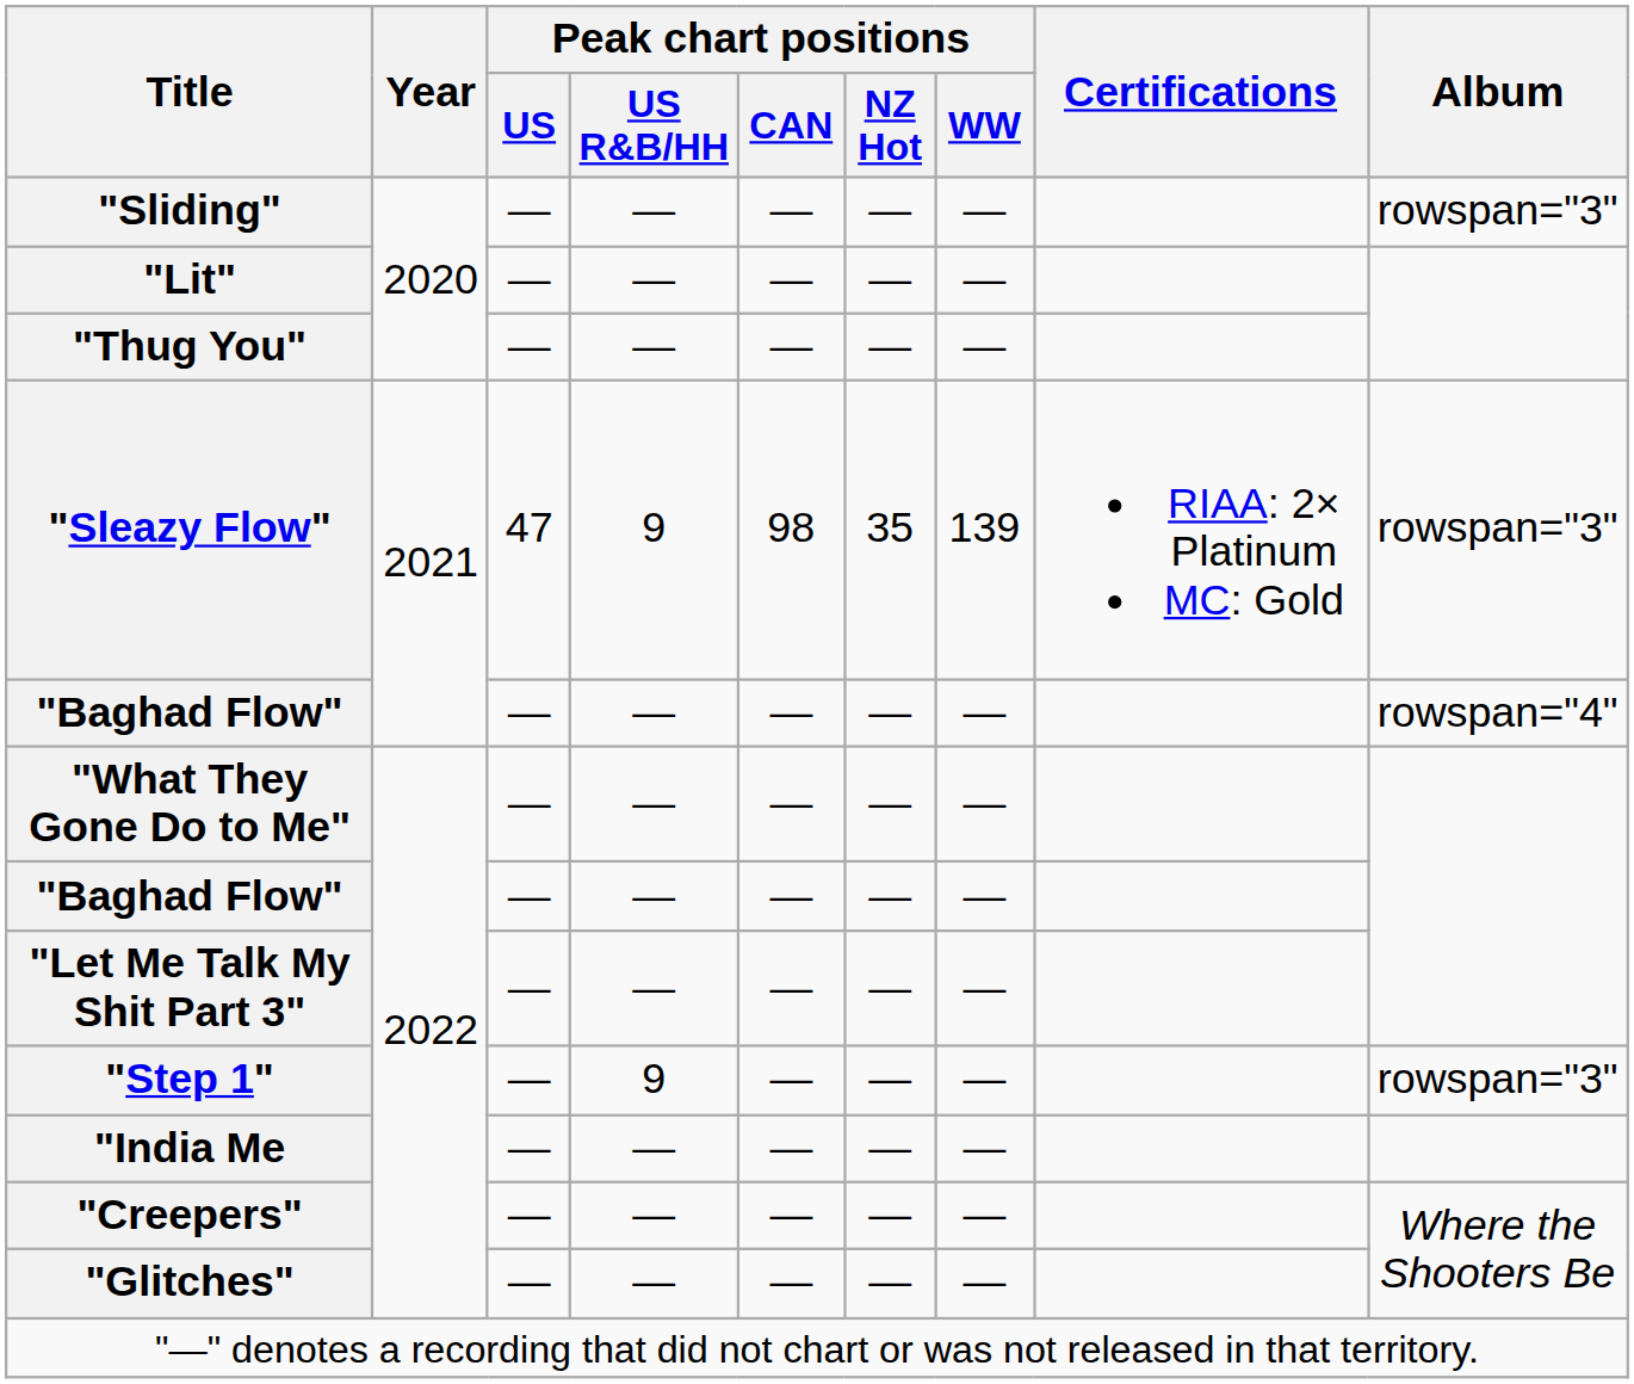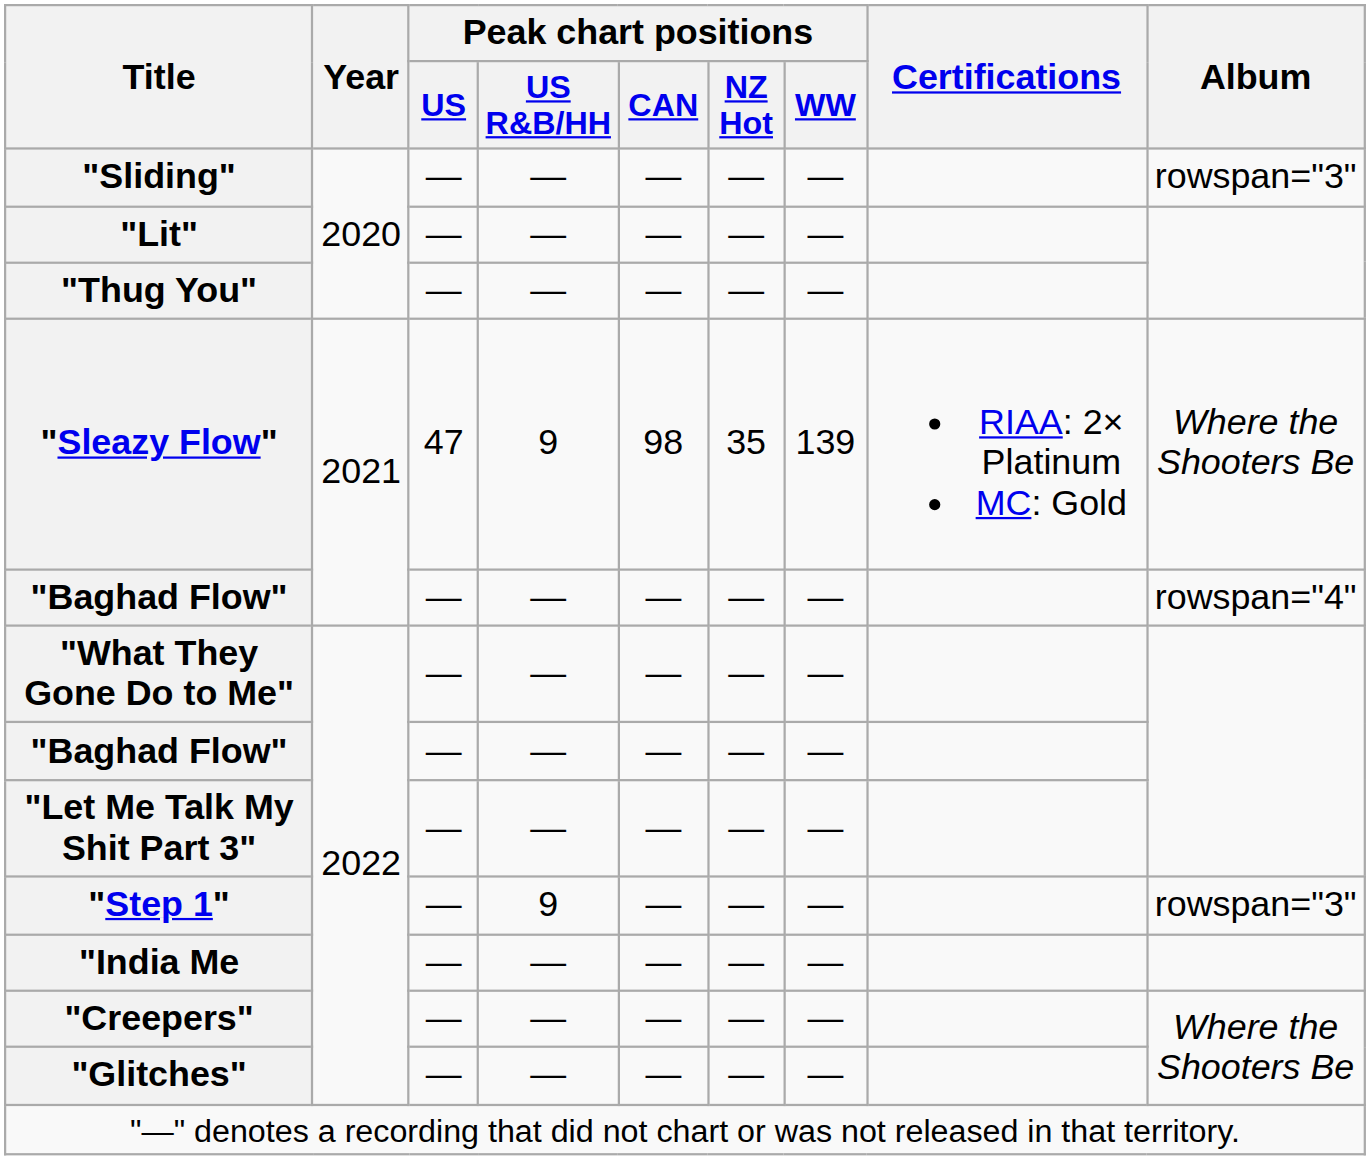 <table class="wikitable plainrowheaders" style="text-align:center;">
 <tr>
 <th scope="col" rowspan="2" style="width:22em;">Title</th>
 <th scope="col" rowspan="2" style="width:1em;">Year</th>
 <th scope="col" colspan="5">Peak chart positions</th>
 <th scope="col" rowspan="2" style="width:12em;"><a href='#'>Certifications</a></th>
 <th scope="col" rowspan="2">Album</th>
 </tr>
 <tr>
 <th scope="col" style="width:3em;font-size:90%;"><a href='#'>US</a><br></th>
 <th scope="col" style="width:3em;font-size:90%;"><a href='#'>US<br>R&B/HH</a><br></th>
 <th scope="col" style="width:3em;font-size:90%;"><a href='#'>CAN</a><br></th>
 <th scope="col" style="width:3em;font-size:90%;"><a href='#'>NZ<br>Hot</a><br></th>
 <th scope="col" style="width:3em;font-size:90%;"><a href='#'>WW</a><br></th>
 </tr>
 <tr>
 <th scope="row">"Sliding"</th>
 <td rowspan="3">2020</td>
 <td>—</td>
 <td>—</td>
 <td>—</td>
 <td>—</td>
 <td>—</td>
 <td></td>
 <td>rowspan="3" </td>
 </tr>
 <tr>
 <th scope="row">"Lit"</th>
 <td>—</td>
 <td>—</td>
 <td>—</td>
 <td>—</td>
 <td>—</td>
 <td></td>
 </tr>
 <tr>
 <th scope="row">"Thug You"</th>
 <td>—</td>
 <td>—</td>
 <td>—</td>
 <td>—</td>
 <td>—</td>
 <td></td>
 </tr>
 <tr>
 <th scope="row">"<a href='#'>Sleazy Flow</a>"<br></th>
 <td rowspan="2">2021</td>
 <td>47</td>
 <td>9</td>
 <td>98</td>
 <td>35</td>
 <td>139</td>
 <td><br><ul><li><a href='#'>RIAA</a>: 2× Platinum</li><li><a href='#'>MC</a>: Gold</li></ul></td>
-<td>rowspan="3" </td>
+<td><em>Where the Shooters Be</em></td>
 </tr>
 <tr>
 <th scope="row">"Baghad Flow"</th>
 <td>—</td>
 <td>—</td>
 <td>—</td>
 <td>—</td>
 <td>—</td>
 <td></td>
 <td>rowspan="4" </td>
 </tr>
 <tr>
 <th scope="row">"What They Gone Do to Me"</th>
 <td rowspan="7">2022</td>
 <td>—</td>
 <td>—</td>
 <td>—</td>
 <td>—</td>
 <td>—</td>
 <td></td>
 </tr>
 <tr>
 <th scope="row">"Baghad Flow"</th>
 <td>—</td>
 <td>—</td>
 <td>—</td>
 <td>—</td>
 <td>—</td>
 <td></td>
 </tr>
 <tr>
 <th scope="row">"Let Me Talk My Shit Part 3"</th>
 <td>—</td>
 <td>—</td>
 <td>—</td>
 <td>—</td>
 <td>—</td>
 <td></td>
 </tr>
 <tr>
 <th scope="row">"<a href='#'>Step 1</a>"<br></th>
 <td>—</td>
 <td>9</td>
 <td>—</td>
 <td>—</td>
 <td>—</td>
 <td></td>
 <td>rowspan="3" </td>
 </tr>
 <tr>
 <th scope="row">"India Me</th>
 <td>—</td>
 <td>—</td>
 <td>—</td>
 <td>—</td>
 <td>—</td>
 <td></td>
 <td></td>
 </tr>
 <tr>
 <th scope="row">"Creepers"</th>
 <td>—</td>
 <td>—</td>
 <td>—</td>
 <td>—</td>
 <td>—</td>
 <td></td>
 <td rowspan="2"><em>Where the Shooters Be</em></td>
 </tr>
 <tr>
 <th scope="row">"Glitches"<br></th>
 <td>—</td>
 <td>—</td>
 <td>—</td>
 <td>—</td>
 <td>—</td>
 <td></td>
 </tr>
 <tr>
 <td colspan="12" style="font-size:90%">"—" denotes a recording that did not chart or was not released in that territory.</td>
 </tr>
 </table>
